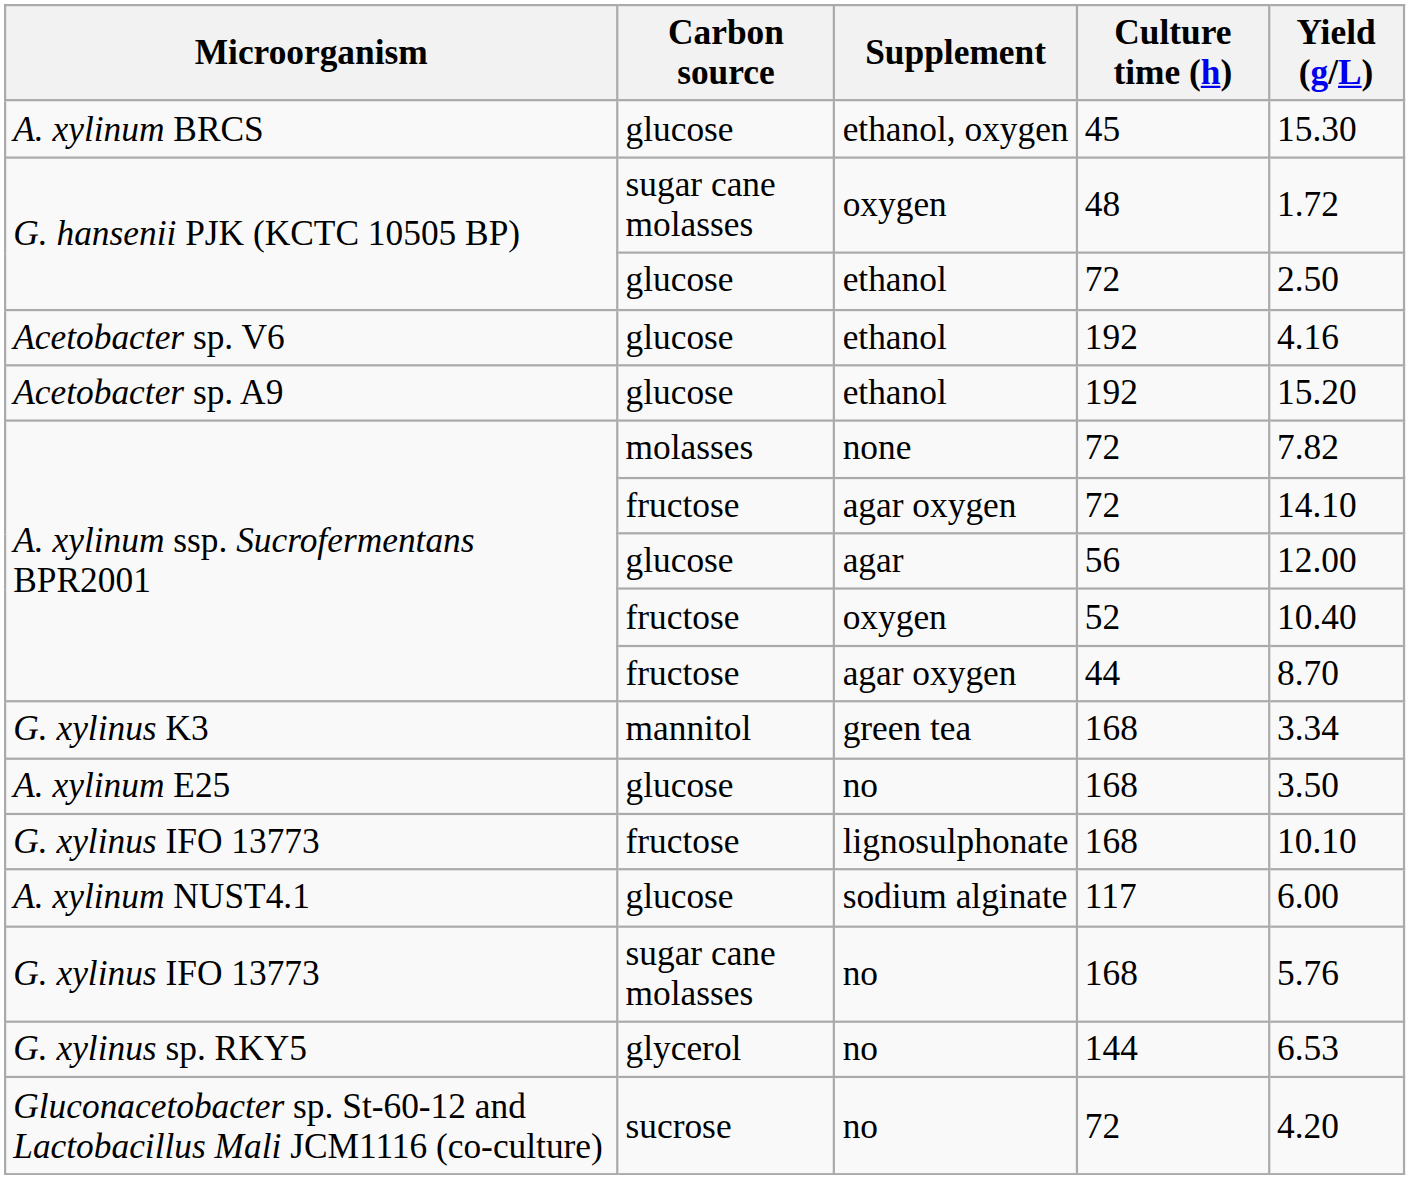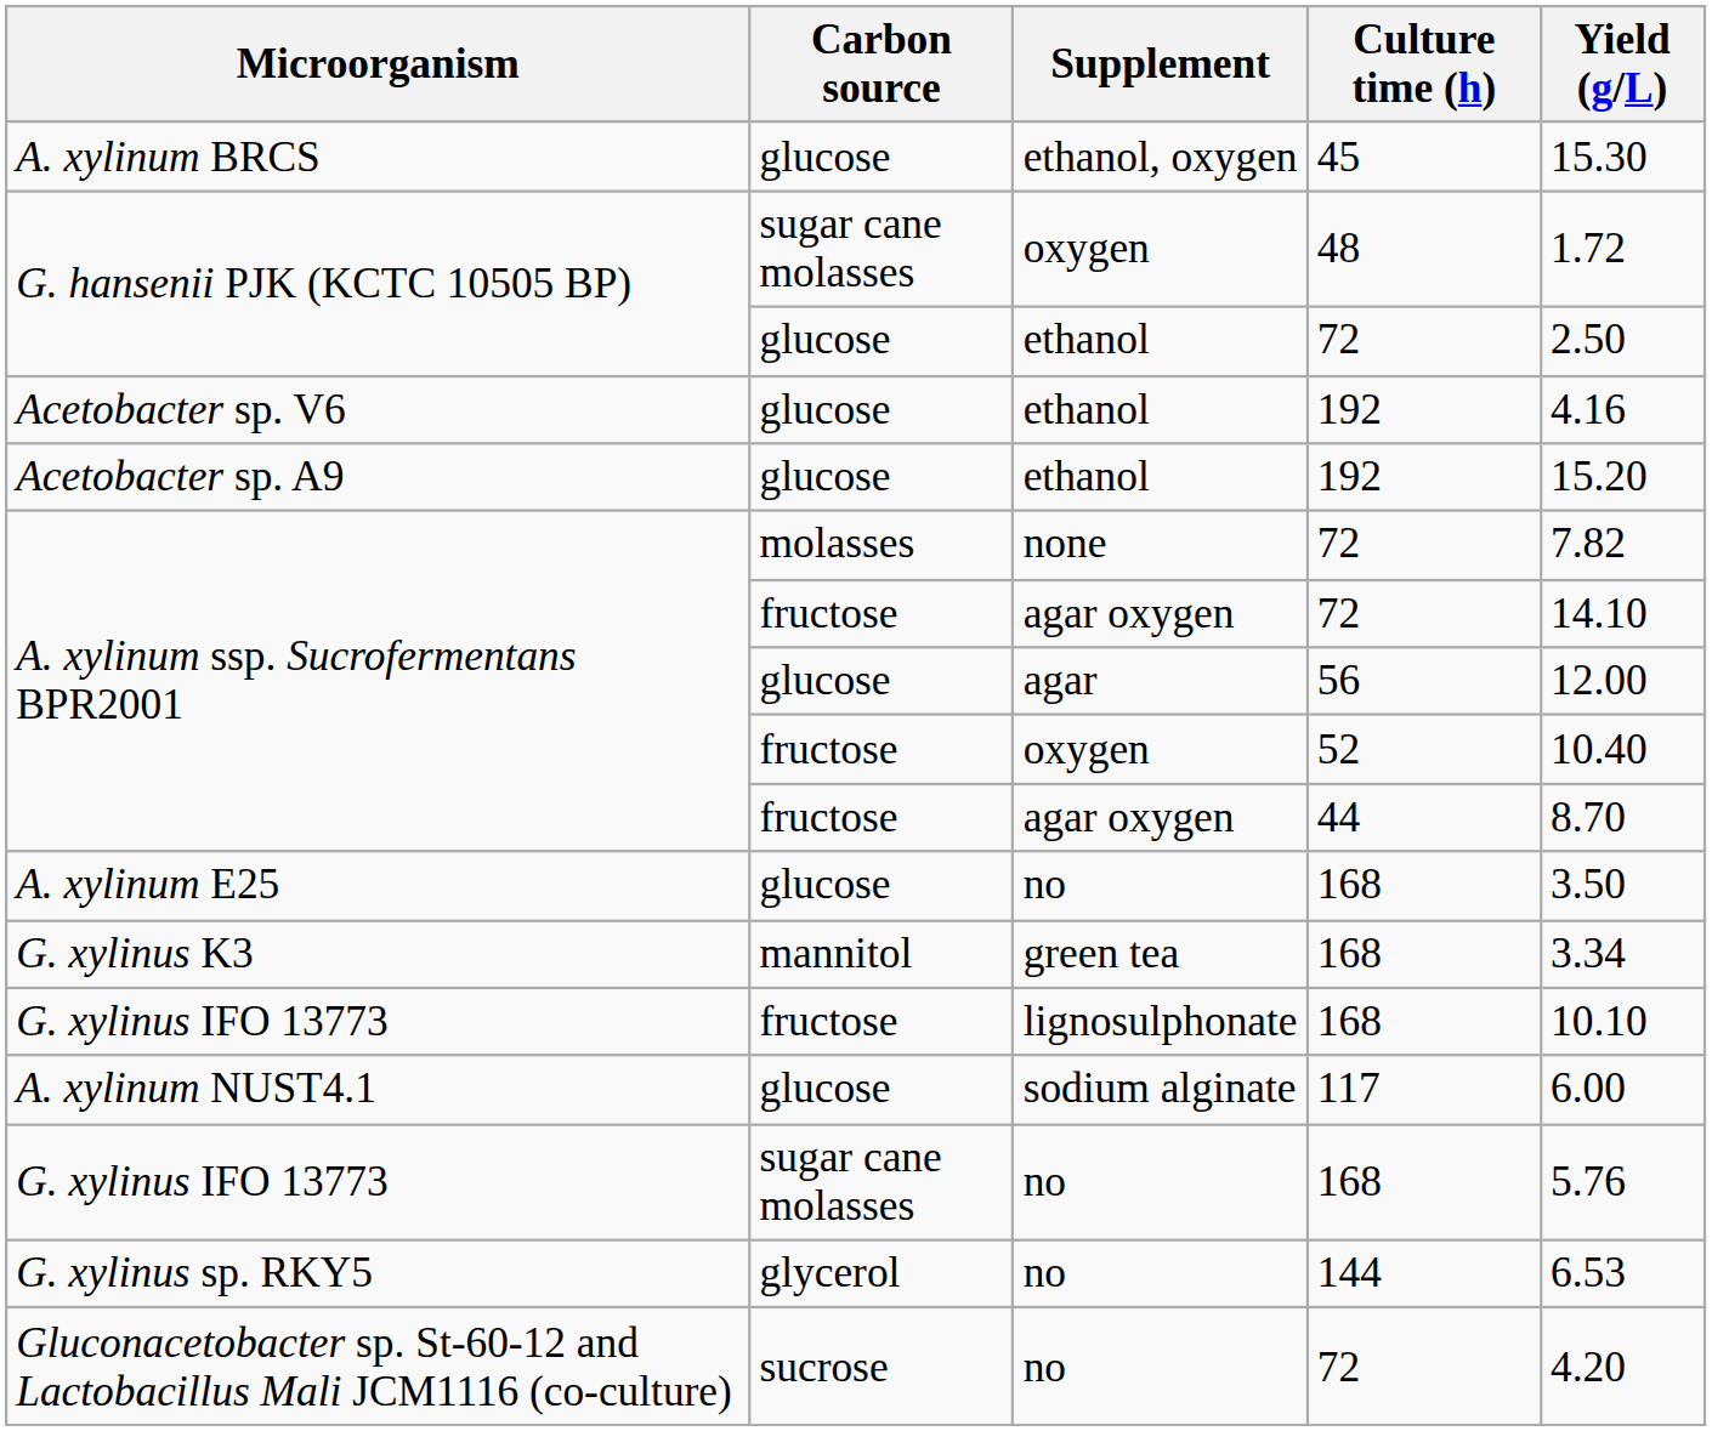 <table class="wikitable sortable mw-collapsible floatright" style="max-width: 40%">
 <tr>
 <th style="max-width: 25em">Micro­organism</th>
 <th>Carbon source</th>
 <th>Supple­ment</th>
 <th data-sort-type="number">Culture time (<a href='#'>h</a>)</th>
 <th data-sort-type="number">Yield (<a href='#'>g</a>/<a href='#'>L</a>)</th>
 </tr>
 <tr>
 <td><em>A. xylinum</em> BRCS</td>
 <td>glucose</td>
 <td>ethanol, oxygen</td>
 <td>45</td>
 <td>15.30</td>
 </tr>
 <tr>
 <td rowspan=2><em>G. hansenii</em> PJK (KCTC 10505 BP)</td>
 <td>sugar cane molasses</td>
 <td>oxygen</td>
 <td>48</td>
 <td>1.72</td>
 </tr>
 <tr>
 <td>glucose</td>
 <td>ethanol</td>
 <td>72</td>
 <td>2.50</td>
 </tr>
 <tr>
 <td><em>Aceto­bacter</em> sp. V6</td>
 <td>glucose</td>
 <td>ethanol</td>
 <td>192</td>
 <td>4.16</td>
 </tr>
 <tr>
 <td><em>Aceto­bacter</em> sp. A9</td>
 <td>glucose</td>
 <td>ethanol</td>
 <td>192</td>
 <td>15.20</td>
 </tr>
 <tr>
 <td rowspan=5><em>A. xylinum</em> ssp. <em>Sucro­fermentans</em> BPR2001</td>
 <td>molasses</td>
 <td>none</td>
 <td>72</td>
 <td>7.82</td>
 </tr>
 <tr>
 <td>fructose</td>
 <td>agar oxygen</td>
 <td>72</td>
 <td>14.10</td>
 </tr>
 <tr>
 <td>glucose</td>
 <td>agar</td>
 <td>56</td>
 <td>12.00</td>
 </tr>
 <tr>
 <td>fructose</td>
 <td>oxygen</td>
 <td>52</td>
 <td>10.40</td>
 </tr>
 <tr>
 <td>fructose</td>
 <td>agar oxygen</td>
 <td>44</td>
 <td>8.70</td>
 </tr>
 <tr>
+<td><em>A. xylinum</em> E25</td>
+<td>glucose</td>
+<td>no</td>
+<td>168</td>
+<td>3.50</td>
+</tr>
+<tr>
 <td><em>G. xylinus</em> K3</td>
 <td>mannitol</td>
 <td>green tea</td>
 <td>168</td>
 <td>3.34</td>
-</tr>
-<tr>
-<td><em>A. xylinum</em> E25</td>
-<td>glucose</td>
-<td>no</td>
-<td>168</td>
-<td>3.50</td>
 </tr>
 <tr>
 <td><em>G. xylinus</em> IFO 13773</td>
 <td>fructose</td>
 <td>lignosulphonate</td>
 <td>168</td>
 <td>10.10</td>
 </tr>
 <tr>
 <td><em>A. xylinum</em> NUST4.1</td>
 <td>glucose</td>
 <td>sodium alginate</td>
 <td>117</td>
 <td>6.00</td>
 </tr>
 <tr>
 <td><em>G. xylinus</em> IFO 13773</td>
 <td>sugar cane molasses</td>
 <td>no</td>
 <td>168</td>
 <td>5.76</td>
 </tr>
 <tr>
 <td><em>G. xylinus</em> sp. RKY5</td>
 <td>glycerol</td>
 <td>no</td>
 <td>144</td>
 <td>6.53</td>
 </tr>
 <tr>
 <td><em>Glucon­aceto­bacter</em> sp. St-60-12 and <em>Lacto­bacillus Mali</em> JCM1116 (co-culture)</td>
 <td>sucrose</td>
 <td>no</td>
 <td>72</td>
 <td>4.20</td>
 </tr>
 </table>
